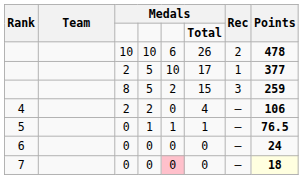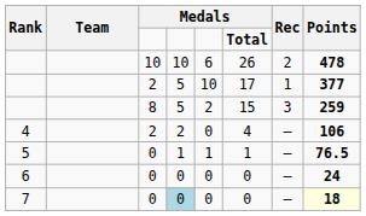 <table class="wikitable">
 <tr>
 <th rowspan=2>Rank</th>
 <th style="width:80px;" rowspan="2">Team</th>
 <th colspan=4>Medals</th>
 <th rowspan=2>Rec</th>
 <th rowspan=2>Points</th>
 </tr>
 <tr>
 <td style="width:20px; text-align:center;"></td>
 <td style="width:20px; text-align:center;"></td>
 <td style="width:20px; text-align:center;"></td>
 <td><strong>Total</strong></td>
 </tr>
 <tr>
 <td align=center></td>
 <td></td>
 <td align=center>10</td>
 <td align=center>10</td>
 <td align=center>6</td>
 <td align=center>26</td>
 <td align=center>2</td>
 <td align=center><strong>478</strong></td>
 </tr>
 <tr>
 <td align=center></td>
 <td></td>
 <td align=center>2</td>
 <td align=center>5</td>
 <td align=center>10</td>
 <td align=center>17</td>
 <td align=center>1</td>
 <td align=center><strong>377</strong></td>
 </tr>
 <tr>
 <td align=center></td>
 <td></td>
 <td align=center>8</td>
 <td align=center>5</td>
 <td align=center>2</td>
 <td align=center>15</td>
 <td align=center>3</td>
 <td align=center><strong>259</strong></td>
 </tr>
 <tr>
 <td align=center>4</td>
 <td></td>
 <td align=center>2</td>
 <td align=center>2</td>
 <td align=center>0</td>
 <td align=center>4</td>
 <td align=center>—</td>
 <td align=center><strong>106</strong></td>
 </tr>
 <tr>
 <td align=center>5</td>
 <td></td>
 <td align=center>0</td>
 <td align=center>1</td>
 <td align=center>1</td>
 <td align=center>1</td>
 <td align=center>—</td>
 <td align=center><strong>76.5</strong></td>
 </tr>
 <tr>
 <td align=center>6</td>
 <td></td>
 <td align=center>0</td>
 <td align=center>0</td>
 <td align=center>0</td>
 <td align=center>0</td>
 <td align=center>—</td>
 <td align=center><strong>24</strong></td>
 </tr>
 <tr>
 <td align=center>7</td>
 <td></td>
 <td align=center>0</td>
+<td align=center style="background: lightblue;">0</td>
 <td align=center>0</td>
-<td align=center style="background: pink;">0</td>
 <td align=center>0</td>
 <td align=center>—</td>
 <td align=center style="background: lightyellow;"><strong>18</strong></td>
 </tr>
 </table>
